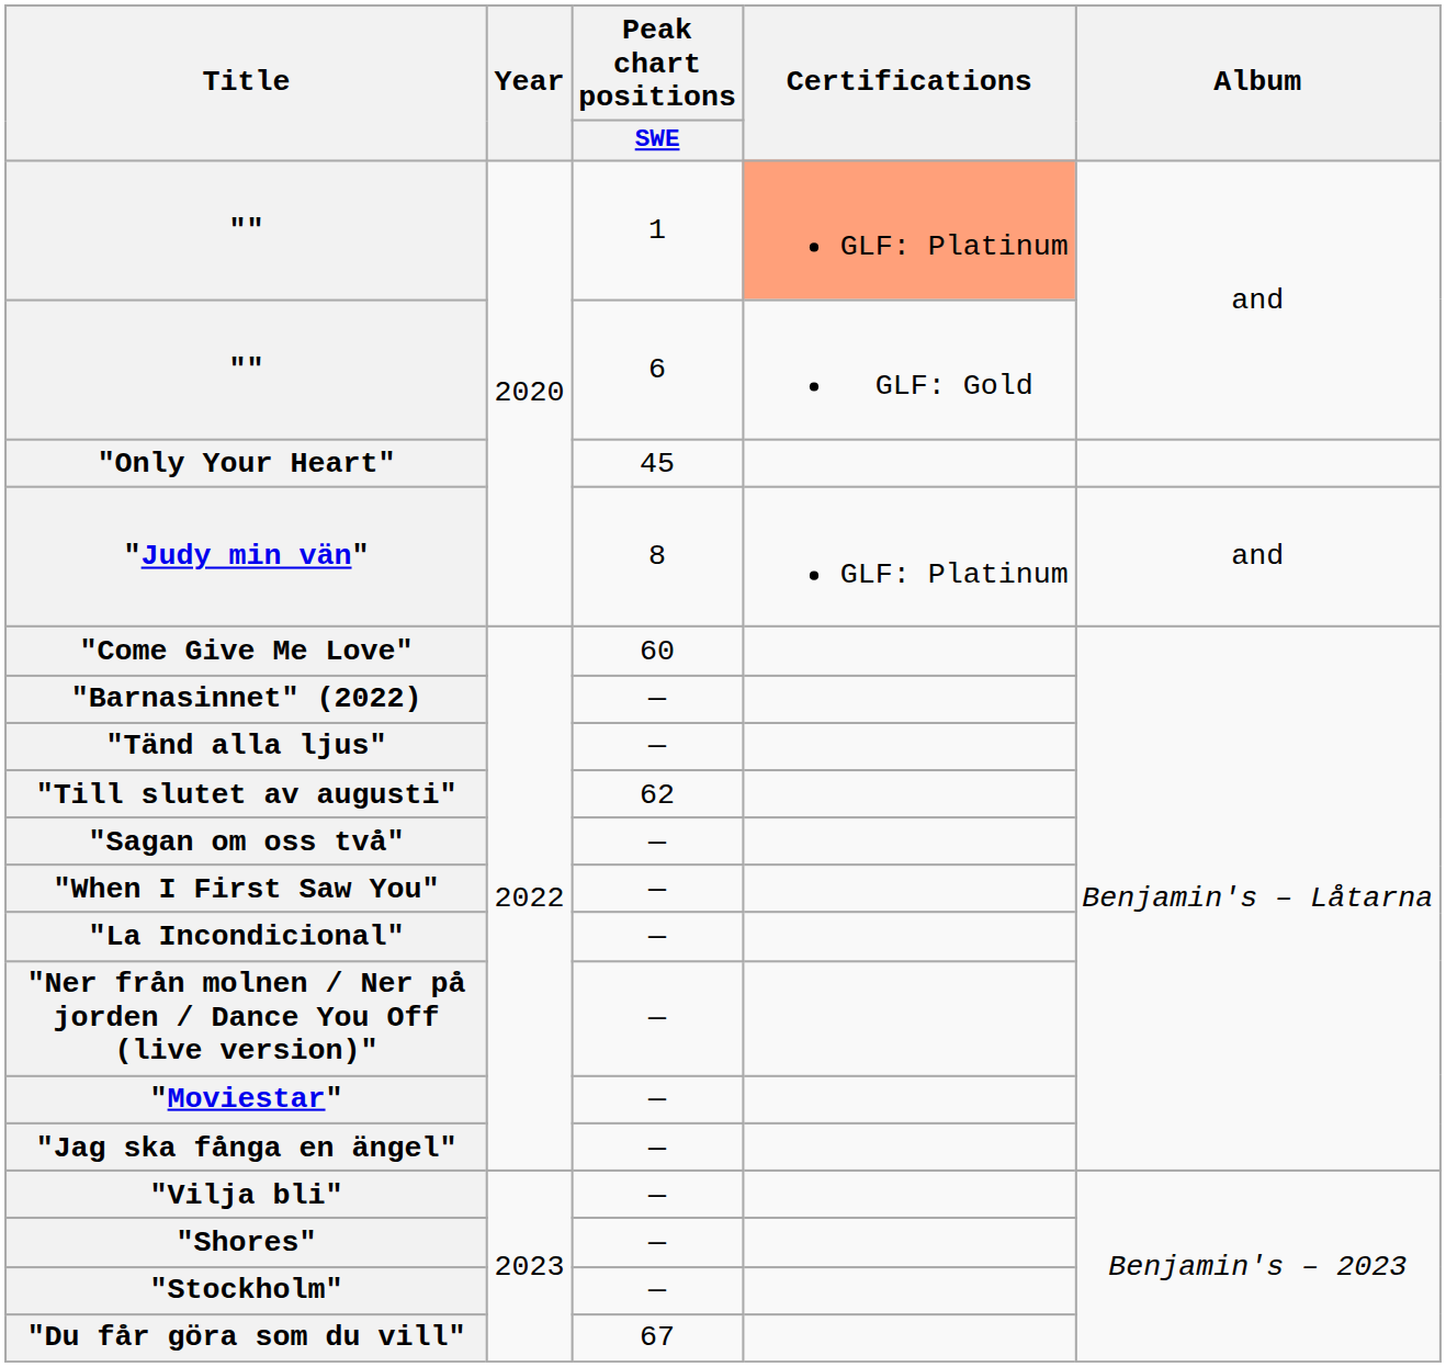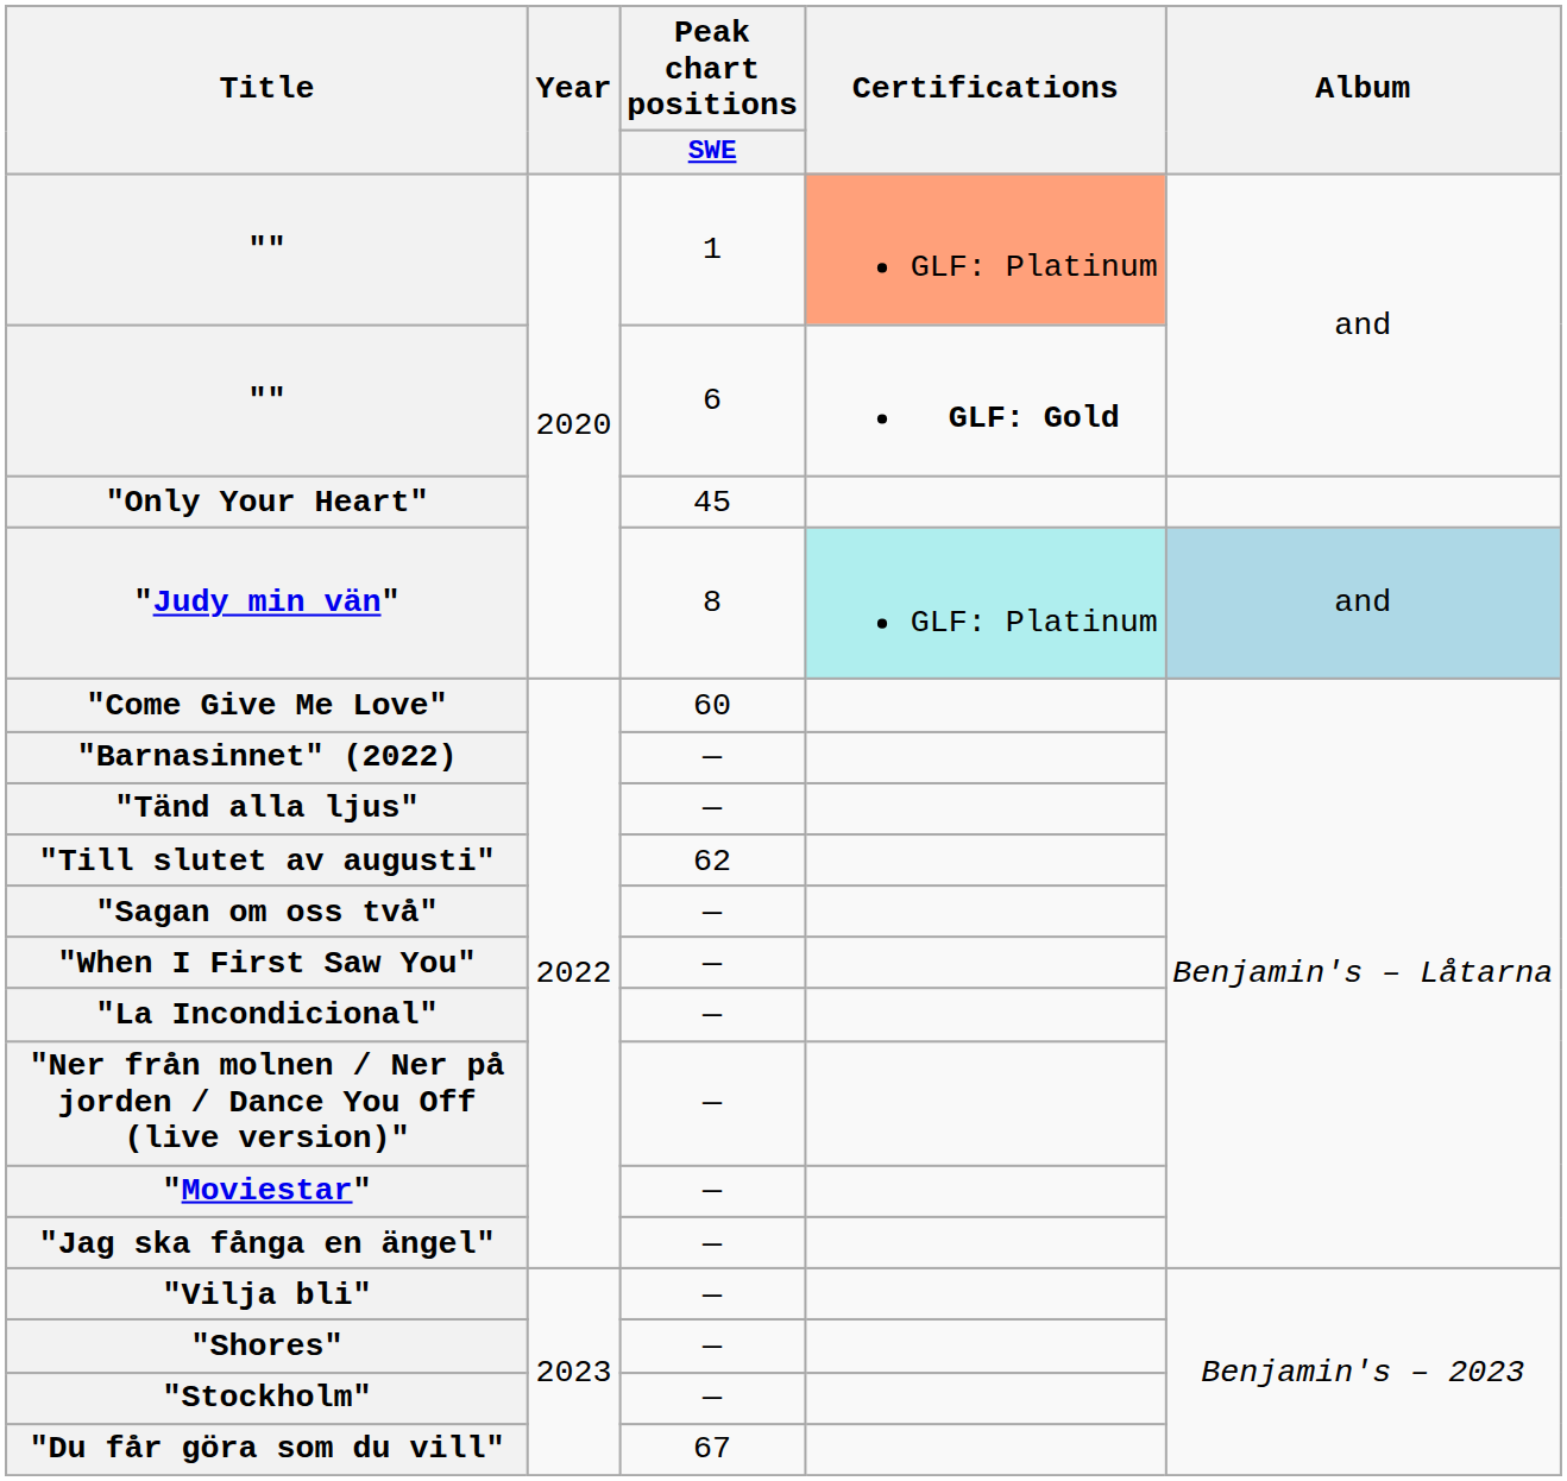 <table class="wikitable plainrowheaders" style="text-align:center;">
 <tr>
 <th scope="col" rowspan="2" style="width:16em;">Title</th>
 <th scope="col" rowspan="2" style="width:1em;">Year</th>
 <th scope="col">Peak chart positions</th>
 <th scope="col" rowspan="2">Certifications</th>
 <th scope="col" rowspan="2">Album</th>
 </tr>
 <tr>
 <th scope="col" style="width:3em;font-size:85%;"><a href='#'>SWE</a><br></th>
 </tr>
 <tr>
 <th scope="row">""<br></th>
 <td rowspan="4">2020</td>
 <td>1</td>
 <td style="background: lightsalmon;"><br><ul><li>GLF: Platinum</li></ul></td>
 <td rowspan="2"> and </td>
 </tr>
 <tr>
 <th scope="row">""<br></th>
 <td>6</td>
-<td><br><ul><li>GLF: Gold</li></ul></td>
+<td><strong><br><ul><li>GLF: Gold</li></ul></strong></td>
 </tr>
 <tr>
 <th scope="row">"Only Your Heart"<br></th>
 <td>45</td>
 <td></td>
 <td></td>
 </tr>
 <tr>
 <th scope="row">"<a href='#'>Judy min vän</a>"<br></th>
 <td>8</td>
-<td><br><ul><li>GLF: Platinum</li></ul></td>
-<td> and </td>
+<td style="background: paleturquoise;"><br><ul><li>GLF: Platinum</li></ul></td>
+<td style="background: lightblue;"> and </td>
 </tr>
 <tr>
 <th scope="row">"Come Give Me Love"<br></th>
 <td rowspan="10">2022</td>
 <td>60</td>
 <td></td>
 <td rowspan="10"><em>Benjamin's – Låtarna</em></td>
 </tr>
 <tr>
 <th scope="row">"Barnasinnet" (2022)</th>
 <td>—</td>
 <td></td>
 </tr>
 <tr>
 <th scope="row">"Tänd alla ljus"<br></th>
 <td>—</td>
 <td></td>
 </tr>
 <tr>
 <th scope="row">"Till slutet av augusti"<br></th>
 <td>62</td>
 <td></td>
 </tr>
 <tr>
 <th scope="row">"Sagan om oss två"<br></th>
 <td>—</td>
 <td></td>
 </tr>
 <tr>
 <th scope="row">"When I First Saw You"<br></th>
 <td>—</td>
 <td></td>
 </tr>
 <tr>
 <th scope="row">"La Incondicional"<br></th>
 <td>—</td>
 <td></td>
 </tr>
 <tr>
 <th scope="row">"Ner från molnen / Ner på jorden / Dance You Off (live version)"<br></th>
 <td>—</td>
 <td></td>
 </tr>
 <tr>
 <th scope="row">"<a href='#'>Moviestar</a>"<br></th>
 <td>—</td>
 <td></td>
 </tr>
 <tr>
 <th scope="row">"Jag ska fånga en ängel"<br></th>
 <td>—</td>
 <td></td>
 </tr>
 <tr>
 <th scope="row">"Vilja bli"<br></th>
 <td rowspan="4">2023</td>
 <td>—</td>
 <td></td>
 <td rowspan="4"><em>Benjamin's – 2023</em></td>
 </tr>
 <tr>
 <th scope="row">"Shores"<br></th>
 <td>—</td>
 <td></td>
 </tr>
 <tr>
 <th scope="row">"Stockholm"<br></th>
 <td>—</td>
 <td></td>
 </tr>
 <tr>
 <th scope="row">"Du får göra som du vill"<br></th>
 <td>67<br></td>
 <td></td>
 </tr>
 </table>
